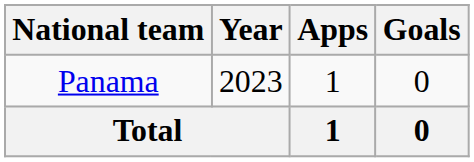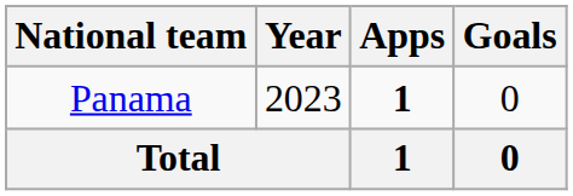 <table class="wikitable" style="text-align:center">
 <tr>
 <th>National team</th>
 <th>Year</th>
 <th>Apps</th>
 <th>Goals</th>
 </tr>
 <tr>
 <td rowspan="1"><a href='#'>Panama</a></td>
 <td>2023</td>
-<td>1</td>
+<td><strong>1</strong></td>
 <td>0</td>
 </tr>
 <tr>
 <th colspan=2>Total</th>
 <th>1</th>
 <th>0</th>
 </tr>
 </table>
